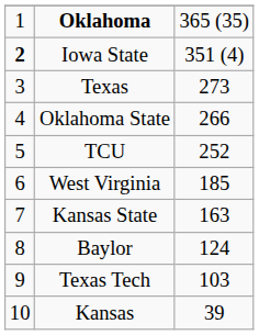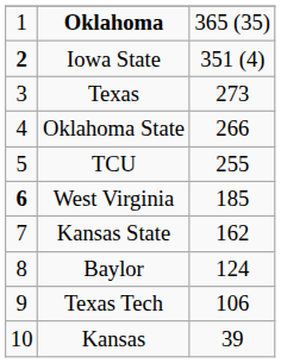 <table class="wikitable" style="display: inline-table;">
 <tr align="center">
 </tr>
 <tr align="center">
 <td>1</td>
 <td><strong>Oklahoma</strong></td>
 <td>365 (35)</td>
 </tr>
 <tr align="center">
 <td><strong>2</strong></td>
 <td>Iowa State</td>
 <td>351 (4)</td>
 </tr>
 <tr align="center">
 <td>3</td>
 <td>Texas</td>
 <td>273</td>
 </tr>
 <tr align="center">
 <td>4</td>
 <td>Oklahoma State</td>
 <td>266</td>
 </tr>
 <tr align="center">
 <td>5</td>
 <td>TCU</td>
-<td>252</td>
+<td>255</td>
 </tr>
 <tr align="center">
-<td>6</td>
+<td><strong>6</strong></td>
 <td>West Virginia</td>
 <td>185</td>
 </tr>
 <tr align="center">
 <td>7</td>
 <td>Kansas State</td>
-<td>163</td>
+<td>162</td>
 </tr>
 <tr align="center">
 <td>8</td>
 <td>Baylor</td>
 <td>124</td>
 </tr>
 <tr align="center">
 <td>9</td>
 <td>Texas Tech</td>
-<td>103</td>
+<td>106</td>
 </tr>
 <tr align="center">
 <td>10</td>
 <td>Kansas</td>
 <td>39</td>
 </tr>
 </table>
